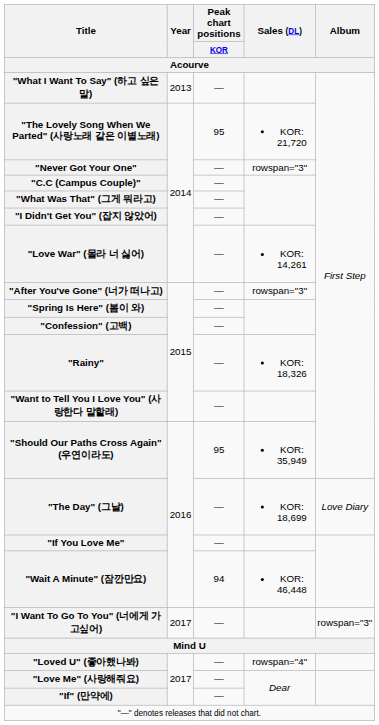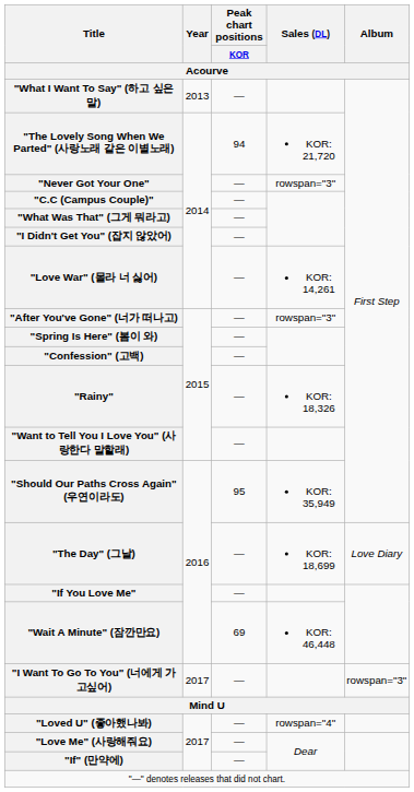 <table class="wikitable plainrowheaders" style="text-align:center;">
 <tr>
 <th scope="col" rowspan="2">Title</th>
 <th scope="col" rowspan="2">Year</th>
 <th scope="col" colspan="1">Peak chart <br> positions</th>
 <th scope="col" rowspan="2">Sales <small>(<a href='#'>DL</a>)</small></th>
 <th scope="col" rowspan="2">Album</th>
 </tr>
 <tr>
 <th><small><a href='#'>KOR</a></small><br></th>
 </tr>
 <tr>
 <th scope="col" colspan="5">Acourve</th>
 </tr>
 <tr>
 <th scope="row">"What I Want To Say" (하고 싶은 말)</th>
 <td>2013</td>
 <td>—</td>
 <td></td>
 <td rowspan="13"><em>First Step</em></td>
 </tr>
 <tr>
 <th scope="row">"The Lovely Song When We Parted" (사랑노래 같은 이별노래)</th>
 <td rowspan="6">2014</td>
-<td>95</td>
+<td>94</td>
 <td><br><ul><li>KOR: 21,720</li></ul></td>
 </tr>
 <tr>
 <th scope="row">"Never Got Your One"</th>
 <td>—</td>
 <td>rowspan="3" </td>
 </tr>
 <tr>
 <th scope="row">"C.C (Campus Couple)"</th>
 <td>—</td>
 </tr>
 <tr>
 <th scope="row">"What Was That" (그게 뭐라고)</th>
 <td>—</td>
 </tr>
 <tr>
 <th scope="row">"I Didn't Get You" (잡지 않았어)</th>
 <td>—</td>
 </tr>
 <tr>
 <th scope="row">"Love War" (몰라 너 싫어)</th>
 <td>—</td>
 <td><br><ul><li>KOR: 14,261</li></ul></td>
 </tr>
 <tr>
 <th scope="row">"After You've Gone" (너가 떠나고)</th>
 <td rowspan="5">2015</td>
 <td>—</td>
 <td>rowspan="3" </td>
 </tr>
 <tr>
 <th scope="row">"Spring Is Here" (봄이 와)</th>
 <td>—</td>
 </tr>
 <tr>
 <th scope="row">"Confession" (고백)</th>
 <td>—</td>
 </tr>
 <tr>
 <th scope="row">"Rainy"</th>
 <td>—</td>
 <td><br><ul><li>KOR: 18,326</li></ul></td>
 </tr>
 <tr>
 <th scope="row">"Want to Tell You I Love You" (사랑한다 말할래)</th>
 <td>—</td>
 <td></td>
 </tr>
 <tr>
 <th scope="row">"Should Our Paths Cross Again" (우연이라도)</th>
 <td rowspan="4">2016</td>
 <td>95</td>
 <td><br><ul><li>KOR: 35,949</li></ul></td>
 </tr>
 <tr>
 <th scope="row">"The Day" (그날)</th>
 <td>—</td>
 <td><br><ul><li>KOR: 18,699</li></ul></td>
 <td><em>Love Diary</em></td>
 </tr>
 <tr>
 <th scope="row">"If You Love Me"</th>
 <td>—</td>
 <td></td>
 </tr>
 <tr>
 <th scope="row">"Wait A Minute" (잠깐만요)</th>
-<td>94</td>
+<td>69</td>
 <td><br><ul><li>KOR: 46,448</li></ul></td>
 </tr>
 <tr>
 <th scope="row">"I Want To Go To You" (너에게 가고싶어)</th>
 <td>2017</td>
 <td>—</td>
 <td></td>
 <td>rowspan="3" </td>
 </tr>
 <tr>
 <th scope="col" colspan="5">Mind U</th>
 </tr>
 <tr>
 <th scope="row">"Loved U" (좋아했나봐) </th>
 <td rowspan="3">2017</td>
 <td>—</td>
 <td>rowspan="4" </td>
 <td></td>
 </tr>
 <tr>
 <th scope="row">"Love Me" (사랑해줘요)</th>
 <td>—</td>
 <td rowspan="2"><em>Dear</em></td>
 </tr>
 <tr>
 <th scope="row">"If" (만약에)</th>
 <td>—</td>
 </tr>
 <tr>
 <td colspan="5" align="center"><small>"—" denotes releases that did not chart.</small></td>
 </tr>
 </table>
